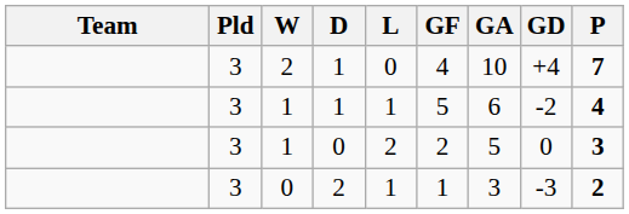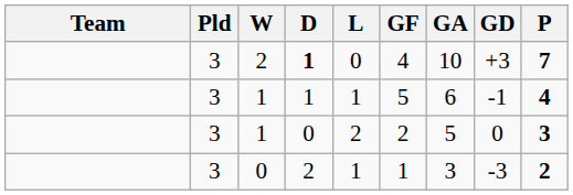 <table class="wikitable">
 <tr>
 <th width=120>Team</th>
 <th width=25>Pld</th>
 <th width=25>W</th>
 <th width=25>D</th>
 <th width=25>L</th>
 <th width=25>GF</th>
 <th width=25>GA</th>
 <th width=25>GD</th>
 <th width=25>P</th>
 </tr>
 <tr align=center>
 <td align=left></td>
 <td>3</td>
 <td>2</td>
-<td>1</td>
+<td><strong>1</strong></td>
 <td>0</td>
 <td>4</td>
 <td>10</td>
-<td>+4</td>
+<td>+3</td>
 <td><strong>7</strong></td>
 </tr>
 <tr align=center>
 <td align=left></td>
 <td>3</td>
 <td>1</td>
 <td>1</td>
 <td>1</td>
 <td>5</td>
 <td>6</td>
-<td>-2</td>
+<td>-1</td>
 <td><strong>4</strong></td>
 </tr>
 <tr align=center>
 <td align=left></td>
 <td>3</td>
 <td>1</td>
 <td>0</td>
 <td>2</td>
 <td>2</td>
 <td>5</td>
 <td>0</td>
 <td><strong>3</strong></td>
 </tr>
 <tr align=center>
 <td align=left></td>
 <td>3</td>
 <td>0</td>
 <td>2</td>
 <td>1</td>
 <td>1</td>
 <td>3</td>
 <td>-3</td>
 <td><strong>2</strong></td>
 </tr>
 </table>
